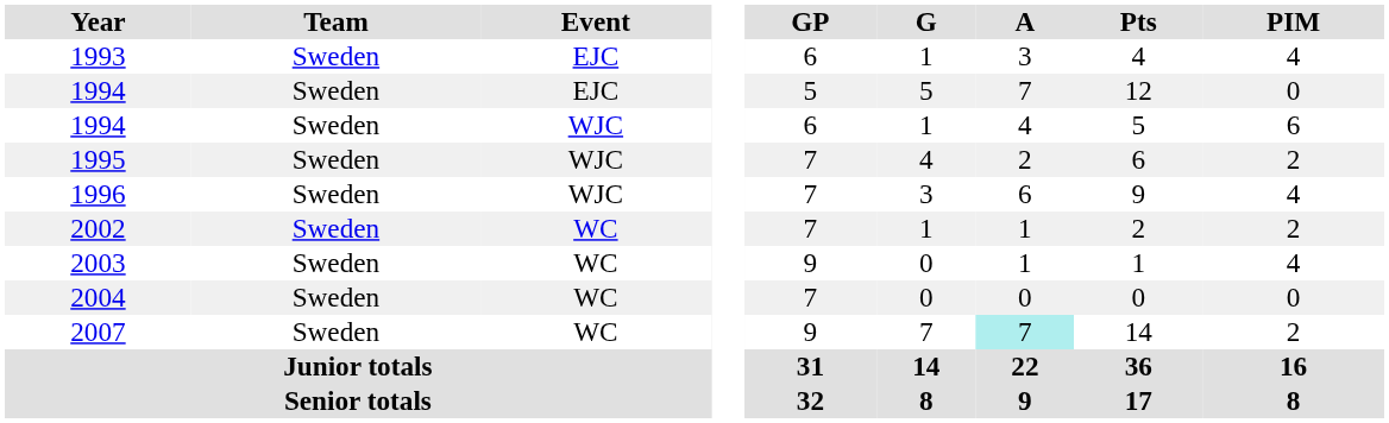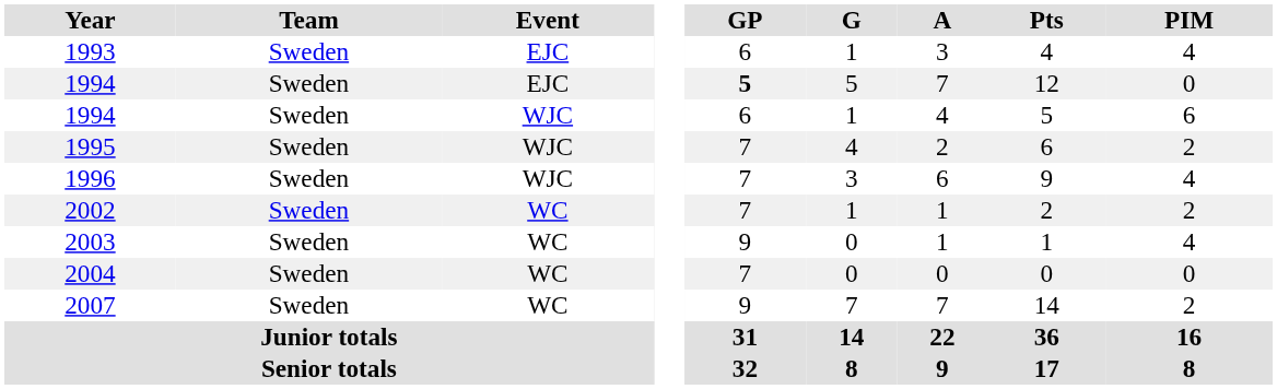 <table border="0" cellpadding="1" cellspacing="0" style="text-align:center; width:50em">
 <tr ALIGN="center" bgcolor="#e0e0e0">
 <th>Year</th>
 <th>Team</th>
 <th>Event</th>
 <th rowspan="99" bgcolor="#ffffff"> </th>
 <th>GP</th>
 <th>G</th>
 <th>A</th>
 <th>Pts</th>
 <th>PIM</th>
 </tr>
 <tr>
 <td><a href='#'>1993</a></td>
 <td><a href='#'>Sweden</a></td>
 <td><a href='#'>EJC</a></td>
 <td>6</td>
 <td>1</td>
 <td>3</td>
 <td>4</td>
 <td>4</td>
 </tr>
 <tr bgcolor="#f0f0f0">
 <td><a href='#'>1994</a></td>
 <td>Sweden</td>
 <td>EJC</td>
-<td>5</td>
+<td><strong>5</strong></td>
 <td>5</td>
 <td>7</td>
 <td>12</td>
 <td>0</td>
 </tr>
 <tr>
 <td><a href='#'>1994</a></td>
 <td>Sweden</td>
 <td><a href='#'>WJC</a></td>
 <td>6</td>
 <td>1</td>
 <td>4</td>
 <td>5</td>
 <td>6</td>
 </tr>
 <tr bgcolor="#f0f0f0">
 <td><a href='#'>1995</a></td>
 <td>Sweden</td>
 <td>WJC</td>
 <td>7</td>
 <td>4</td>
 <td>2</td>
 <td>6</td>
 <td>2</td>
 </tr>
 <tr>
 <td><a href='#'>1996</a></td>
 <td>Sweden</td>
 <td>WJC</td>
 <td>7</td>
 <td>3</td>
 <td>6</td>
 <td>9</td>
 <td>4</td>
 </tr>
 <tr bgcolor="#f0f0f0">
 <td><a href='#'>2002</a></td>
 <td><a href='#'>Sweden</a></td>
 <td><a href='#'>WC</a></td>
 <td>7</td>
 <td>1</td>
 <td>1</td>
 <td>2</td>
 <td>2</td>
 </tr>
 <tr>
 <td><a href='#'>2003</a></td>
 <td>Sweden</td>
 <td>WC</td>
 <td>9</td>
 <td>0</td>
 <td>1</td>
 <td>1</td>
 <td>4</td>
 </tr>
 <tr bgcolor="#f0f0f0">
 <td><a href='#'>2004</a></td>
 <td>Sweden</td>
 <td>WC</td>
 <td>7</td>
 <td>0</td>
 <td>0</td>
 <td>0</td>
 <td>0</td>
 </tr>
 <tr>
 <td><a href='#'>2007</a></td>
 <td>Sweden</td>
 <td>WC</td>
 <td>9</td>
 <td>7</td>
-<td style="background: paleturquoise;">7</td>
+<td>7</td>
 <td>14</td>
 <td>2</td>
 </tr>
 <tr bgcolor="#e0e0e0">
 <th colspan=3>Junior totals</th>
 <th>31</th>
 <th>14</th>
 <th>22</th>
 <th>36</th>
 <th>16</th>
 </tr>
 <tr bgcolor="#e0e0e0">
 <th colspan=3>Senior totals</th>
 <th>32</th>
 <th>8</th>
 <th>9</th>
 <th>17</th>
 <th>8</th>
 </tr>
 </table>
